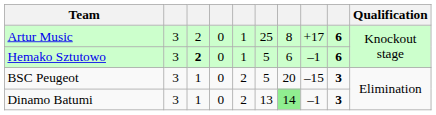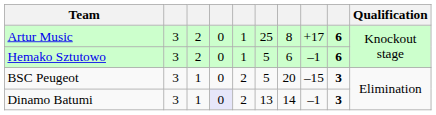 <table class="wikitable" style="text-align: center;">
 <tr>
 <th width="185">Team</th>
 <th width="20"></th>
 <th width="20"></th>
 <th width="20"></th>
 <th width="20"></th>
 <th width="20"></th>
 <th width="20"></th>
 <th width="20"></th>
 <th width="20"></th>
 <th width="20">Qualification</th>
 </tr>
 <tr bgcolor=#ccffcc>
 <td align=left> <a href='#'>Artur Music</a></td>
 <td>3</td>
 <td>2</td>
 <td>0</td>
 <td>1</td>
 <td>25</td>
 <td>8</td>
 <td>+17</td>
 <td><strong>6</strong></td>
 <td rowspan=2>Knockout stage</td>
 </tr>
 <tr bgcolor=#ccffcc>
 <td align=left> <a href='#'>Hemako Sztutowo</a></td>
 <td>3</td>
-<td><strong>2</strong></td>
+<td>2</td>
 <td>0</td>
 <td>1</td>
 <td>5</td>
 <td>6</td>
 <td>–1</td>
 <td><strong>6</strong></td>
 </tr>
 <tr>
 <td align=left> BSC Peugeot</td>
 <td>3</td>
 <td>1</td>
 <td>0</td>
 <td>2</td>
 <td>5</td>
 <td>20</td>
 <td>–15</td>
 <td><strong>3</strong></td>
 <td rowspan=2>Elimination</td>
 </tr>
 <tr>
 <td align=left> Dinamo Batumi</td>
 <td>3</td>
 <td>1</td>
-<td>0</td>
+<td style="background: lavender;">0</td>
 <td>2</td>
 <td>13</td>
-<td style="background: lightgreen;">14</td>
+<td>14</td>
 <td>–1</td>
 <td><strong>3</strong></td>
 </tr>
 </table>
